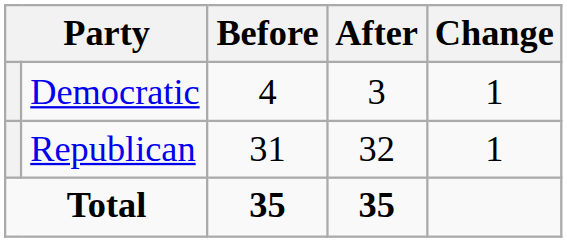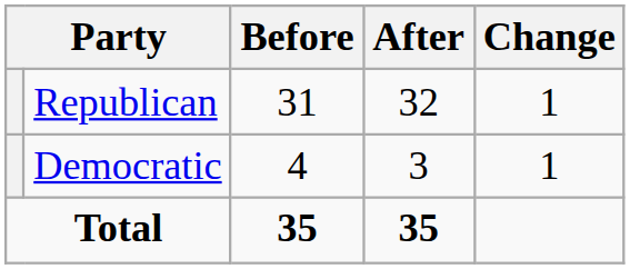 <table class="wikitable" style="text-align:center;">
 <tr>
 <th colspan="2">Party</th>
 <th>Before</th>
 <th>After</th>
 <th>Change</th>
 </tr>
 <tr>
 <th style="background-color:"></th>
-<td style="text-align:left;"><a href='#'>Democratic</a></td>
-<td>4</td>
-<td>3</td>
+<td style="text-align:left;"><a href='#'>Republican</a></td>
+<td>31</td>
+<td>32</td>
 <td> 1</td>
 </tr>
 <tr>
 <th style="background-color:"></th>
-<td style="text-align:left;"><a href='#'>Republican</a></td>
-<td>31</td>
-<td>32</td>
+<td style="text-align:left;"><a href='#'>Democratic</a></td>
+<td>4</td>
+<td>3</td>
 <td> 1</td>
 </tr>
 <tr>
 <td colspan="2"><strong>Total</strong></td>
 <td><strong>35</strong></td>
 <td><strong>35</strong></td>
 <td></td>
 </tr>
 </table>
